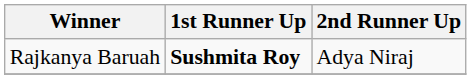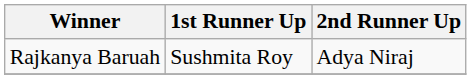 <table class="wikitable">
 <tr>
 <th>Winner</th>
 <th>1st Runner Up</th>
 <th>2nd Runner Up</th>
 </tr>
 <tr roshni>
 <td>Rajkanya Baruah</td>
-<td><strong>Sushmita Roy</strong></td>
+<td>Sushmita Roy</td>
 <td>Adya Niraj</td>
 </tr>
 <tr>
 </tr>
 </table>
